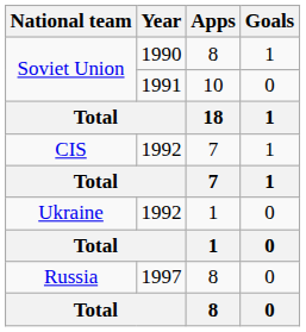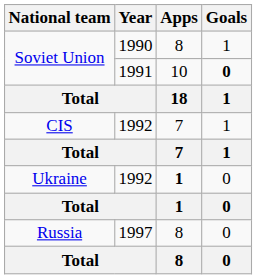 <table class="wikitable" style="text-align:center">
 <tr>
 <th>National team</th>
 <th>Year</th>
 <th>Apps</th>
 <th>Goals</th>
 </tr>
 <tr>
 <td rowspan="2"><a href='#'>Soviet Union</a></td>
 <td>1990</td>
 <td>8</td>
 <td>1</td>
 </tr>
 <tr>
 <td>1991</td>
 <td>10</td>
-<td>0</td>
+<td><strong>0</strong></td>
 </tr>
 <tr>
 <th colspan="2">Total</th>
 <th>18</th>
 <th>1</th>
 </tr>
 <tr>
 <td><a href='#'>CIS</a></td>
 <td>1992</td>
 <td>7</td>
 <td>1</td>
 </tr>
 <tr>
 <th colspan="2">Total</th>
 <th>7</th>
 <th>1</th>
 </tr>
 <tr>
 <td><a href='#'>Ukraine</a></td>
 <td>1992</td>
-<td>1</td>
+<td><strong>1</strong></td>
 <td>0</td>
 </tr>
 <tr>
 <th colspan="2">Total</th>
 <th>1</th>
 <th>0</th>
 </tr>
 <tr>
 <td><a href='#'>Russia</a></td>
 <td>1997</td>
 <td>8</td>
 <td>0</td>
 </tr>
 <tr>
 <th colspan="2">Total</th>
 <th>8</th>
 <th>0</th>
 </tr>
 </table>
